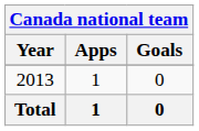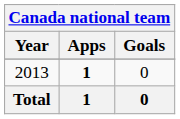 <table class="wikitable" style="text-align:center">
 <tr>
 <th colspan=3><a href='#'>Canada national team</a></th>
 </tr>
 <tr>
 <th>Year</th>
 <th>Apps</th>
 <th>Goals</th>
 </tr>
 <tr>
 </tr>
 <tr>
 <td>2013</td>
-<td>1</td>
+<td><strong>1</strong></td>
 <td>0</td>
 </tr>
 <tr>
 <th>Total</th>
 <th>1</th>
 <th>0</th>
 </tr>
 </table>
